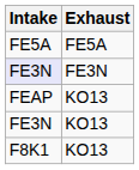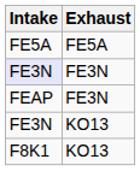 <table class="wikitable">
 <tr>
 <th>Intake</th>
 <th>Exhaust</th>
 </tr>
 <tr>
 <td>FE5A</td>
 <td>FE5A</td>
 </tr>
 <tr>
 <td style="background: lavender;">FE3N</td>
 <td>FE3N</td>
 </tr>
 <tr>
 <td>FEAP</td>
-<td>KO13</td>
+<td>FE3N</td>
 </tr>
 <tr>
 <td>FE3N</td>
 <td>KO13</td>
 </tr>
 <tr>
 <td>F8K1</td>
 <td>KO13</td>
 </tr>
 </table>
